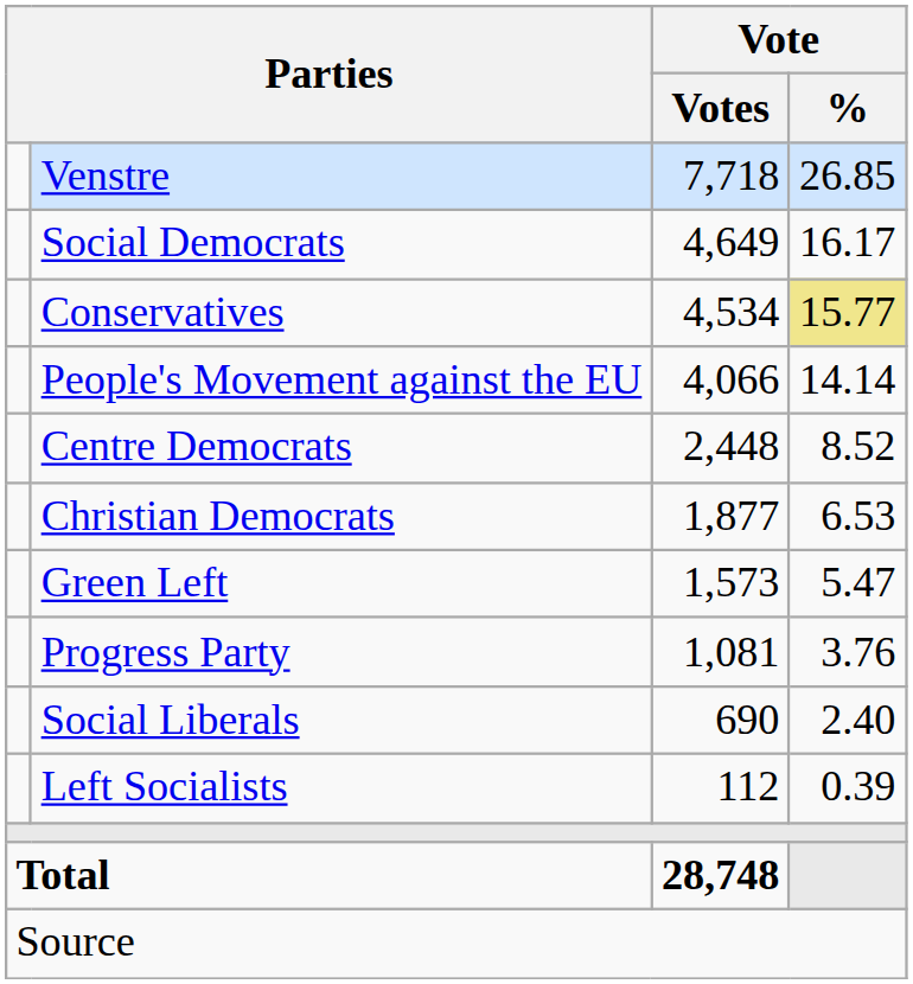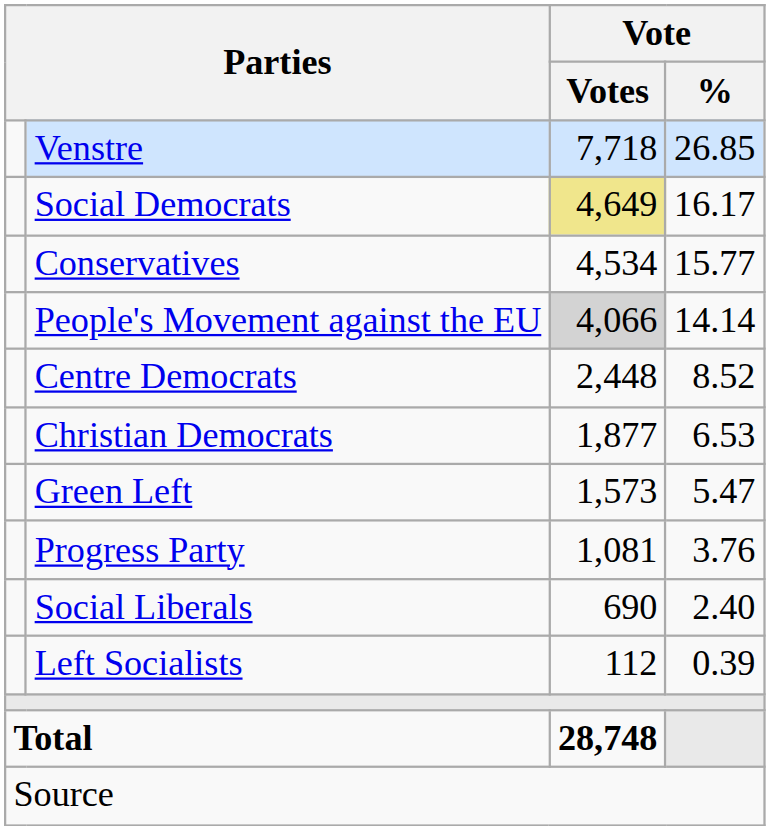 <table class="wikitable" style="text-align:right;">
 <tr>
 <th style="text-align:centre;" rowspan="2" colspan="2" width="225">Parties</th>
 <th colspan="3">Vote</th>
 </tr>
 <tr>
 <th width="15">Votes</th>
 <th width="15">%</th>
 </tr>
 <tr>
 <td width="2" style="color:inherit;background:"></td>
 <td bgcolor=#cfe5fe   align="left"><a href='#'>Venstre</a></td>
 <td bgcolor=#cfe5fe>7,718</td>
 <td bgcolor=#cfe5fe>26.85</td>
 </tr>
 <tr>
 <td width="2" style="color:inherit;background:"></td>
 <td align="left"><a href='#'>Social Democrats</a></td>
-<td>4,649</td>
+<td style="background: khaki;">4,649</td>
 <td>16.17</td>
 </tr>
 <tr>
 <td width="2" style="color:inherit;background:"></td>
 <td align="left"><a href='#'>Conservatives</a></td>
 <td>4,534</td>
-<td style="background: khaki;">15.77</td>
+<td>15.77</td>
 </tr>
 <tr>
 <td width="2" style="color:inherit;background:"></td>
 <td align="left"><a href='#'>People's Movement against the EU</a></td>
-<td>4,066</td>
+<td style="background: lightgrey;">4,066</td>
 <td>14.14</td>
 </tr>
 <tr>
 <td width="2" style="color:inherit;background:"></td>
 <td align="left"><a href='#'>Centre Democrats</a></td>
 <td>2,448</td>
 <td>8.52</td>
 </tr>
 <tr>
 <td width="2" style="color:inherit;background:"></td>
 <td align="left"><a href='#'>Christian Democrats</a></td>
 <td>1,877</td>
 <td>6.53</td>
 </tr>
 <tr>
 <td width="2" style="color:inherit;background:"></td>
 <td align="left"><a href='#'>Green Left</a></td>
 <td>1,573</td>
 <td>5.47</td>
 </tr>
 <tr>
 <td width="2" style="color:inherit;background:"></td>
 <td align="left"><a href='#'>Progress Party</a></td>
 <td>1,081</td>
 <td>3.76</td>
 </tr>
 <tr>
 <td width="2" style="color:inherit;background:"></td>
 <td align="left"><a href='#'>Social Liberals</a></td>
 <td>690</td>
 <td>2.40</td>
 </tr>
 <tr>
 <td width="2" style="color:inherit;background:"></td>
 <td align="left"><a href='#'>Left Socialists</a></td>
 <td>112</td>
 <td>0.39</td>
 </tr>
 <tr>
 <td colspan="7" bgcolor="#E9E9E9"></td>
 </tr>
 <tr>
 <td align="left" colspan="2"><strong>Total</strong></td>
 <td><strong>28,748</strong></td>
 <td bgcolor="#E9E9E9" colspan="2"></td>
 </tr>
 <tr>
 <td align="left" colspan="6">Source</td>
 </tr>
 </table>
